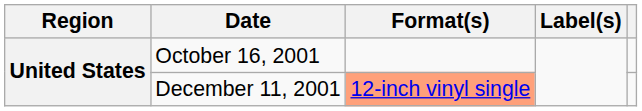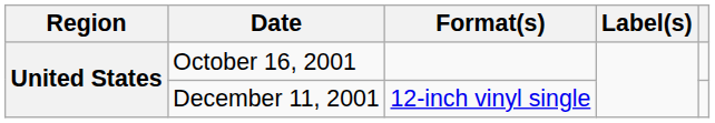 <table class="wikitable sortable plainrowheaders">
 <tr>
 <th scope="col">Region</th>
 <th scope="col">Date</th>
 <th scope="col">Format(s)</th>
 <th scope="col">Label(s)</th>
 <th scope="col"></th>
 </tr>
 <tr>
 <th rowspan="2" scope="row">United States</th>
 <td rowspan="1">October 16, 2001</td>
 <td></td>
 <td rowspan="2"></td>
 <td></td>
 </tr>
 <tr>
 <td>December 11, 2001</td>
-<td style="background: lightsalmon;"><a href='#'>12-inch vinyl single</a></td>
+<td><a href='#'>12-inch vinyl single</a></td>
 <td></td>
 </tr>
 </table>
